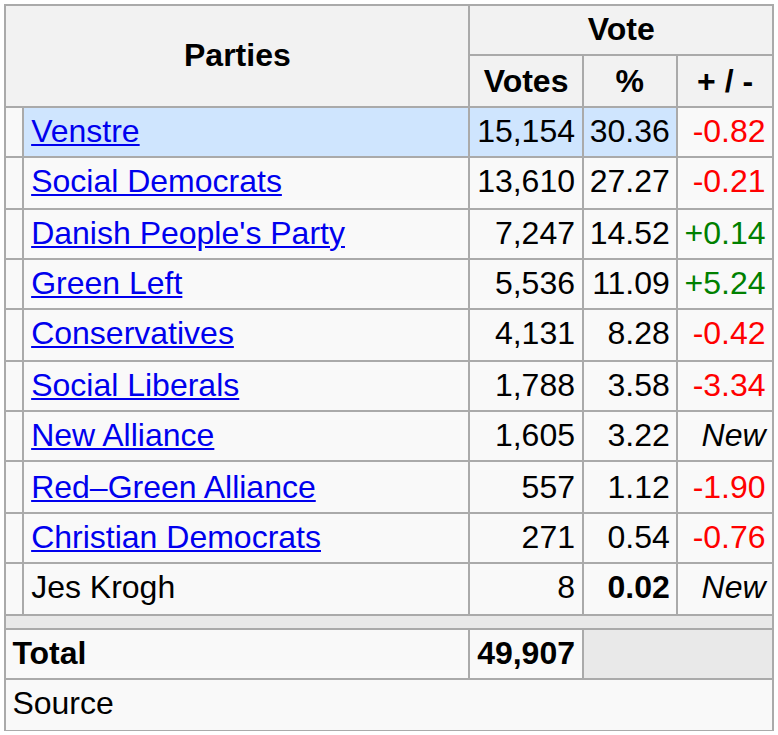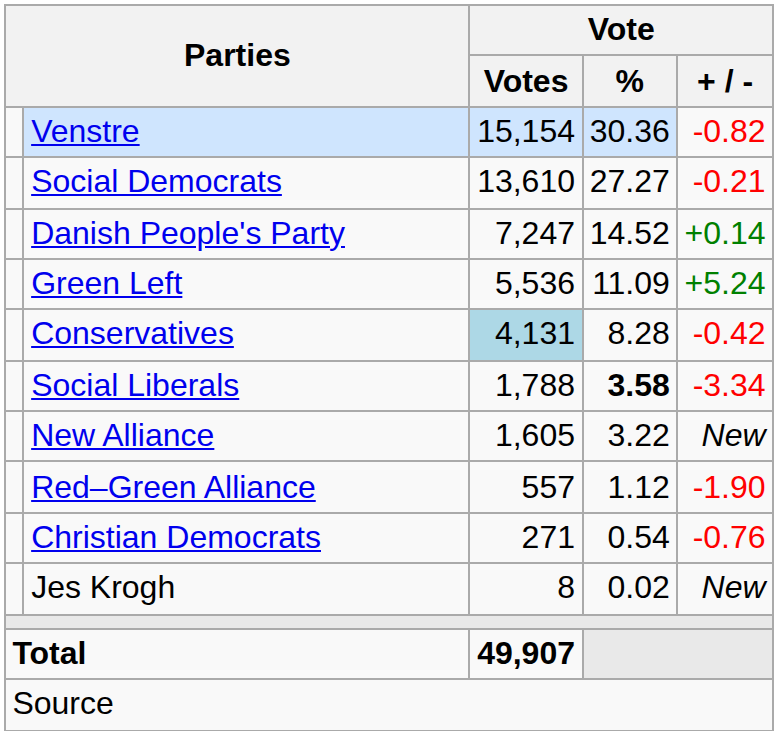 <table class="wikitable" style="text-align:right;">
 <tr>
 <th style="text-align:centre;" rowspan="2" colspan="2" width="225">Parties</th>
 <th colspan="3">Vote</th>
 </tr>
 <tr>
 <th width="15">Votes</th>
 <th width="15">%</th>
 <th width="15">+ / -</th>
 </tr>
 <tr>
 <td width="2" style="color:inherit;background:"></td>
 <td bgcolor=#cfe5fe  align="left"><a href='#'>Venstre</a></td>
 <td bgcolor=#cfe5fe>15,154</td>
 <td bgcolor=#cfe5fe>30.36</td>
 <td style=color:red;>-0.82</td>
 </tr>
 <tr>
 <td width="2" style="color:inherit;background:"></td>
 <td align="left"><a href='#'>Social Democrats</a></td>
 <td>13,610</td>
 <td>27.27</td>
 <td style=color:red;>-0.21</td>
 </tr>
 <tr>
 <td width="2" style="color:inherit;background:"></td>
 <td align="left"><a href='#'>Danish People's Party</a></td>
 <td>7,247</td>
 <td>14.52</td>
 <td style=color:green;>+0.14</td>
 </tr>
 <tr>
 <td width="2" style="color:inherit;background:"></td>
 <td align="left"><a href='#'>Green Left</a></td>
 <td>5,536</td>
 <td>11.09</td>
 <td style=color:green;>+5.24</td>
 </tr>
 <tr>
 <td width="2" style="color:inherit;background:"></td>
 <td align="left"><a href='#'>Conservatives</a></td>
-<td>4,131</td>
+<td style="background: lightblue;">4,131</td>
 <td>8.28</td>
 <td style=color:red;>-0.42</td>
 </tr>
 <tr>
 <td width="2" style="color:inherit;background:"></td>
 <td align="left"><a href='#'>Social Liberals</a></td>
 <td>1,788</td>
-<td>3.58</td>
+<td><strong>3.58</strong></td>
 <td style=color:red;>-3.34</td>
 </tr>
 <tr>
 <td width="2" style="color:inherit;background:"></td>
 <td align="left"><a href='#'>New Alliance</a></td>
 <td>1,605</td>
 <td>3.22</td>
 <td><em>New</em></td>
 </tr>
 <tr>
 <td width="2" style="color:inherit;background:"></td>
 <td align="left"><a href='#'>Red–Green Alliance</a></td>
 <td>557</td>
 <td>1.12</td>
 <td style=color:red;>-1.90</td>
 </tr>
 <tr>
 <td width="2" style="color:inherit;background:"></td>
 <td align="left"><a href='#'>Christian Democrats</a></td>
 <td>271</td>
 <td>0.54</td>
 <td style=color:red;>-0.76</td>
 </tr>
 <tr>
 <td width="2" style="color:inherit;background:"></td>
 <td align="left">Jes Krogh</td>
 <td>8</td>
-<td><strong>0.02</strong></td>
+<td>0.02</td>
 <td><em>New</em></td>
 </tr>
 <tr>
 <td colspan="7" bgcolor="#E9E9E9"></td>
 </tr>
 <tr>
 <td align="left" colspan="2"><strong>Total</strong></td>
 <td><strong>49,907</strong></td>
 <td bgcolor="#E9E9E9" colspan="2"></td>
 </tr>
 <tr>
 <td align="left" colspan="6">Source</td>
 </tr>
 </table>
